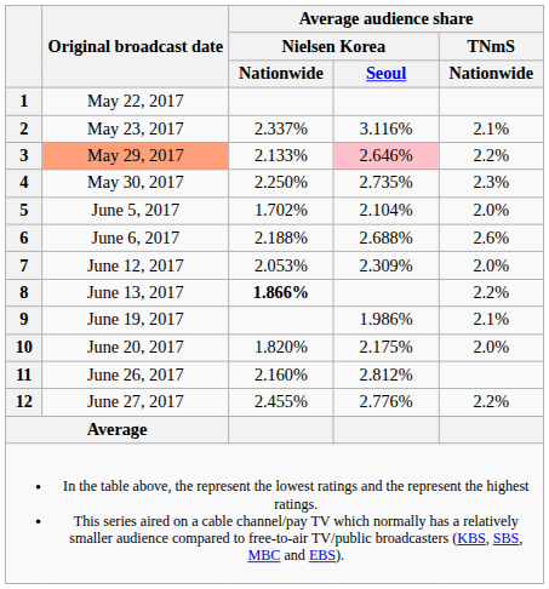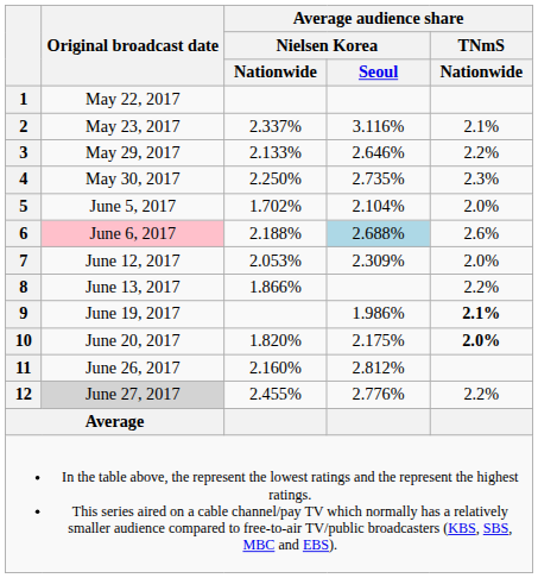 <table class="wikitable" style="width:500px; text-align:center">
 <tr>
 <th rowspan="3"></th>
 <th rowspan="3">Original broadcast date</th>
 <th colspan="3">Average audience share</th>
 </tr>
 <tr>
 <th colspan="2">Nielsen Korea</th>
 <th>TNmS</th>
 </tr>
 <tr>
 <th width="90">Nationwide</th>
 <th width="90"><a href='#'>Seoul</a></th>
 <th width="90">Nationwide</th>
 </tr>
 <tr>
 <th>1</th>
 <td>May 22, 2017</td>
 <td></td>
 <td></td>
 <td></td>
 </tr>
 <tr>
 <th>2</th>
 <td>May 23, 2017</td>
 <td>2.337%</td>
 <td>3.116%</td>
 <td>2.1%</td>
 </tr>
 <tr>
 <th>3</th>
-<td style="background: lightsalmon;">May 29, 2017</td>
+<td>May 29, 2017</td>
 <td>2.133%</td>
-<td style="background: pink;">2.646%</td>
+<td>2.646%</td>
 <td>2.2%</td>
 </tr>
 <tr>
 <th>4</th>
 <td>May 30, 2017</td>
 <td>2.250%</td>
 <td>2.735%</td>
 <td>2.3%</td>
 </tr>
 <tr>
 <th>5</th>
 <td>June 5, 2017</td>
 <td>1.702%</td>
 <td>2.104%</td>
 <td>2.0%</td>
 </tr>
 <tr>
 <th>6</th>
-<td>June 6, 2017</td>
+<td style="background: pink;">June 6, 2017</td>
 <td>2.188%</td>
-<td>2.688%</td>
+<td style="background: lightblue;">2.688%</td>
 <td>2.6%</td>
 </tr>
 <tr>
 <th>7</th>
 <td>June 12, 2017</td>
 <td>2.053%</td>
 <td>2.309%</td>
 <td>2.0%</td>
 </tr>
 <tr>
 <th>8</th>
 <td>June 13, 2017</td>
-<td><strong>1.866%</strong></td>
+<td>1.866%</td>
 <td></td>
 <td>2.2%</td>
 </tr>
 <tr>
 <th>9</th>
 <td>June 19, 2017</td>
 <td></td>
 <td>1.986%</td>
-<td>2.1%</td>
+<td><strong>2.1%</strong></td>
 </tr>
 <tr>
 <th>10</th>
 <td>June 20, 2017</td>
 <td>1.820%</td>
 <td>2.175%</td>
-<td>2.0%</td>
+<td><strong>2.0%</strong></td>
 </tr>
 <tr>
 <th>11</th>
 <td>June 26, 2017</td>
 <td>2.160%</td>
 <td>2.812%</td>
 <td></td>
 </tr>
 <tr>
 <th>12</th>
-<td>June 27, 2017</td>
+<td style="background: lightgrey;">June 27, 2017</td>
 <td>2.455%</td>
 <td>2.776%</td>
 <td>2.2%</td>
 </tr>
 <tr>
 <th colspan="2">Average</th>
 <th></th>
 <th></th>
 <th></th>
 </tr>
 <tr>
 <td colspan="5" style="font-size:85%"><br><ul><li>In the table above, the <strong></strong> represent the lowest ratings and the <strong></strong> represent the highest ratings.</li><li>This series aired on a cable channel/pay TV which normally has a relatively smaller audience compared to free-to-air TV/public broadcasters (<a href='#'>KBS</a>, <a href='#'>SBS</a>, <a href='#'>MBC</a> and <a href='#'>EBS</a>).</li></ul></td>
 </tr>
 </table>
